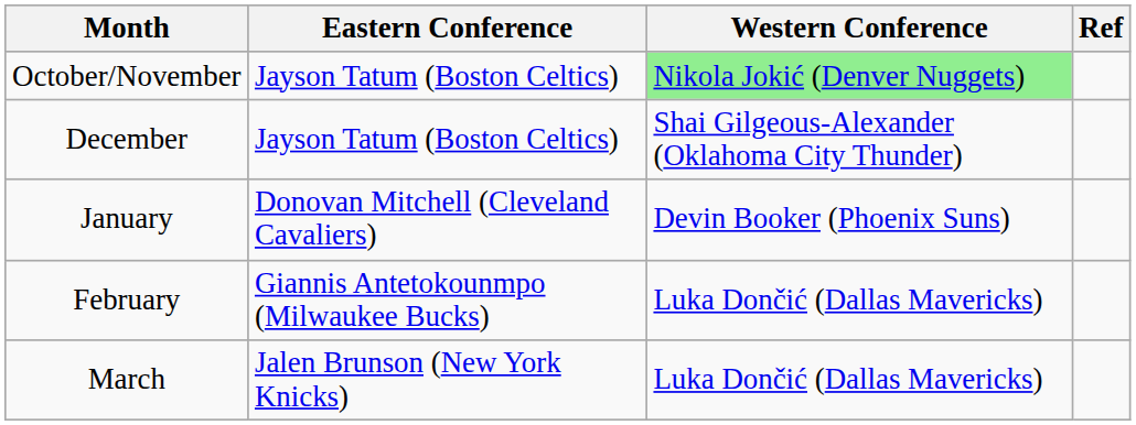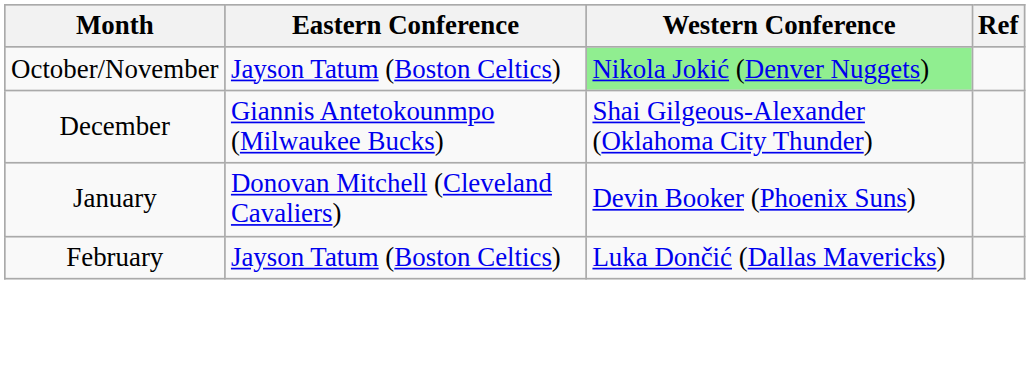 <table class="wikitable sortable" style="text-align:left;">
 <tr>
 <th>Month</th>
 <th>Eastern Conference</th>
 <th>Western Conference</th>
 <th class=unsortable>Ref</th>
 </tr>
 <tr>
 <td style="text-align:center;">October/November</td>
 <td><a href='#'>Jayson Tatum</a> (<a href='#'>Boston Celtics</a>) </td>
 <td style="background: lightgreen;"><a href='#'>Nikola Jokić</a> (<a href='#'>Denver Nuggets</a>) </td>
 <td style="text-align:center;"></td>
 </tr>
 <tr>
 <td style="text-align:center;">December</td>
-<td><a href='#'>Jayson Tatum</a> (<a href='#'>Boston Celtics</a>) </td>
+<td><a href='#'>Giannis Antetokounmpo</a> (<a href='#'>Milwaukee Bucks</a>) </td>
 <td><a href='#'>Shai Gilgeous-Alexander</a> (<a href='#'>Oklahoma City Thunder</a>) </td>
 <td style="text-align:center;"></td>
 </tr>
 <tr>
 <td style="text-align:center;">January</td>
 <td><a href='#'>Donovan Mitchell</a> (<a href='#'>Cleveland Cavaliers</a>) </td>
 <td><a href='#'>Devin Booker</a> (<a href='#'>Phoenix Suns</a>) </td>
 <td style="text-align:center;"></td>
 </tr>
 <tr>
 <td style="text-align:center;">February</td>
-<td><a href='#'>Giannis Antetokounmpo</a> (<a href='#'>Milwaukee Bucks</a>) </td>
-<td><a href='#'>Luka Dončić</a> (<a href='#'>Dallas Mavericks</a>) </td>
-<td style="text-align:center;"></td>
-</tr>
-<tr>
-<td style="text-align:center;'">March</td>
-<td><a href='#'>Jalen Brunson</a> (<a href='#'>New York Knicks</a>) </td>
+<td><a href='#'>Jayson Tatum</a> (<a href='#'>Boston Celtics</a>) </td>
 <td><a href='#'>Luka Dončić</a> (<a href='#'>Dallas Mavericks</a>) </td>
 <td style="text-align:center;"></td>
 </tr>
 </table>
